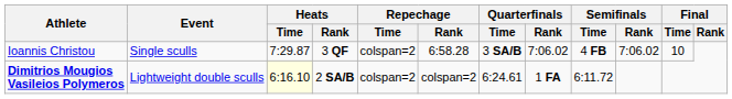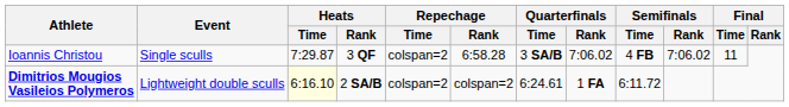 <table class="wikitable" style="font-size:90%">
 <tr>
 <th rowspan="2">Athlete</th>
 <th rowspan="2">Event</th>
 <th colspan="2">Heats</th>
 <th colspan="2">Repechage</th>
 <th colspan="2">Quarterfinals</th>
 <th colspan="2">Semifinals</th>
 <th colspan="2">Final</th>
 </tr>
 <tr style="font-size:95%">
 <th>Time</th>
 <th>Rank</th>
 <th>Time</th>
 <th>Rank</th>
 <th>Time</th>
 <th>Rank</th>
 <th>Time</th>
 <th>Rank</th>
 <th>Time</th>
 <th>Rank</th>
 </tr>
 <tr align=center>
 <td align=left><a href='#'>Ioannis Christou</a></td>
 <td align=left><a href='#'>Single sculls</a></td>
 <td>7:29.87</td>
 <td>3 <strong>QF</strong></td>
 <td>colspan=2 </td>
 <td>6:58.28</td>
 <td>3 <strong>SA/B</strong></td>
 <td>7:06.02</td>
 <td>4 <strong>FB</strong></td>
 <td>7:06.02</td>
-<td>10</td>
+<td>11</td>
 </tr>
 <tr>
 <td><strong><a href='#'>Dimitrios Mougios</a><br><a href='#'>Vasileios Polymeros</a></strong></td>
 <td><a href='#'>Lightweight double sculls</a></td>
 <td align=center style="background: lightyellow;">6:16.10</td>
 <td align=center>2 <strong>SA/B</strong></td>
 <td>colspan=2 </td>
 <td>colspan=2 </td>
 <td align=center>6:24.61</td>
 <td align=center>1 <strong>FA</strong></td>
 <td align=center>6:11.72</td>
 <td align=center></td>
 </tr>
 </table>
